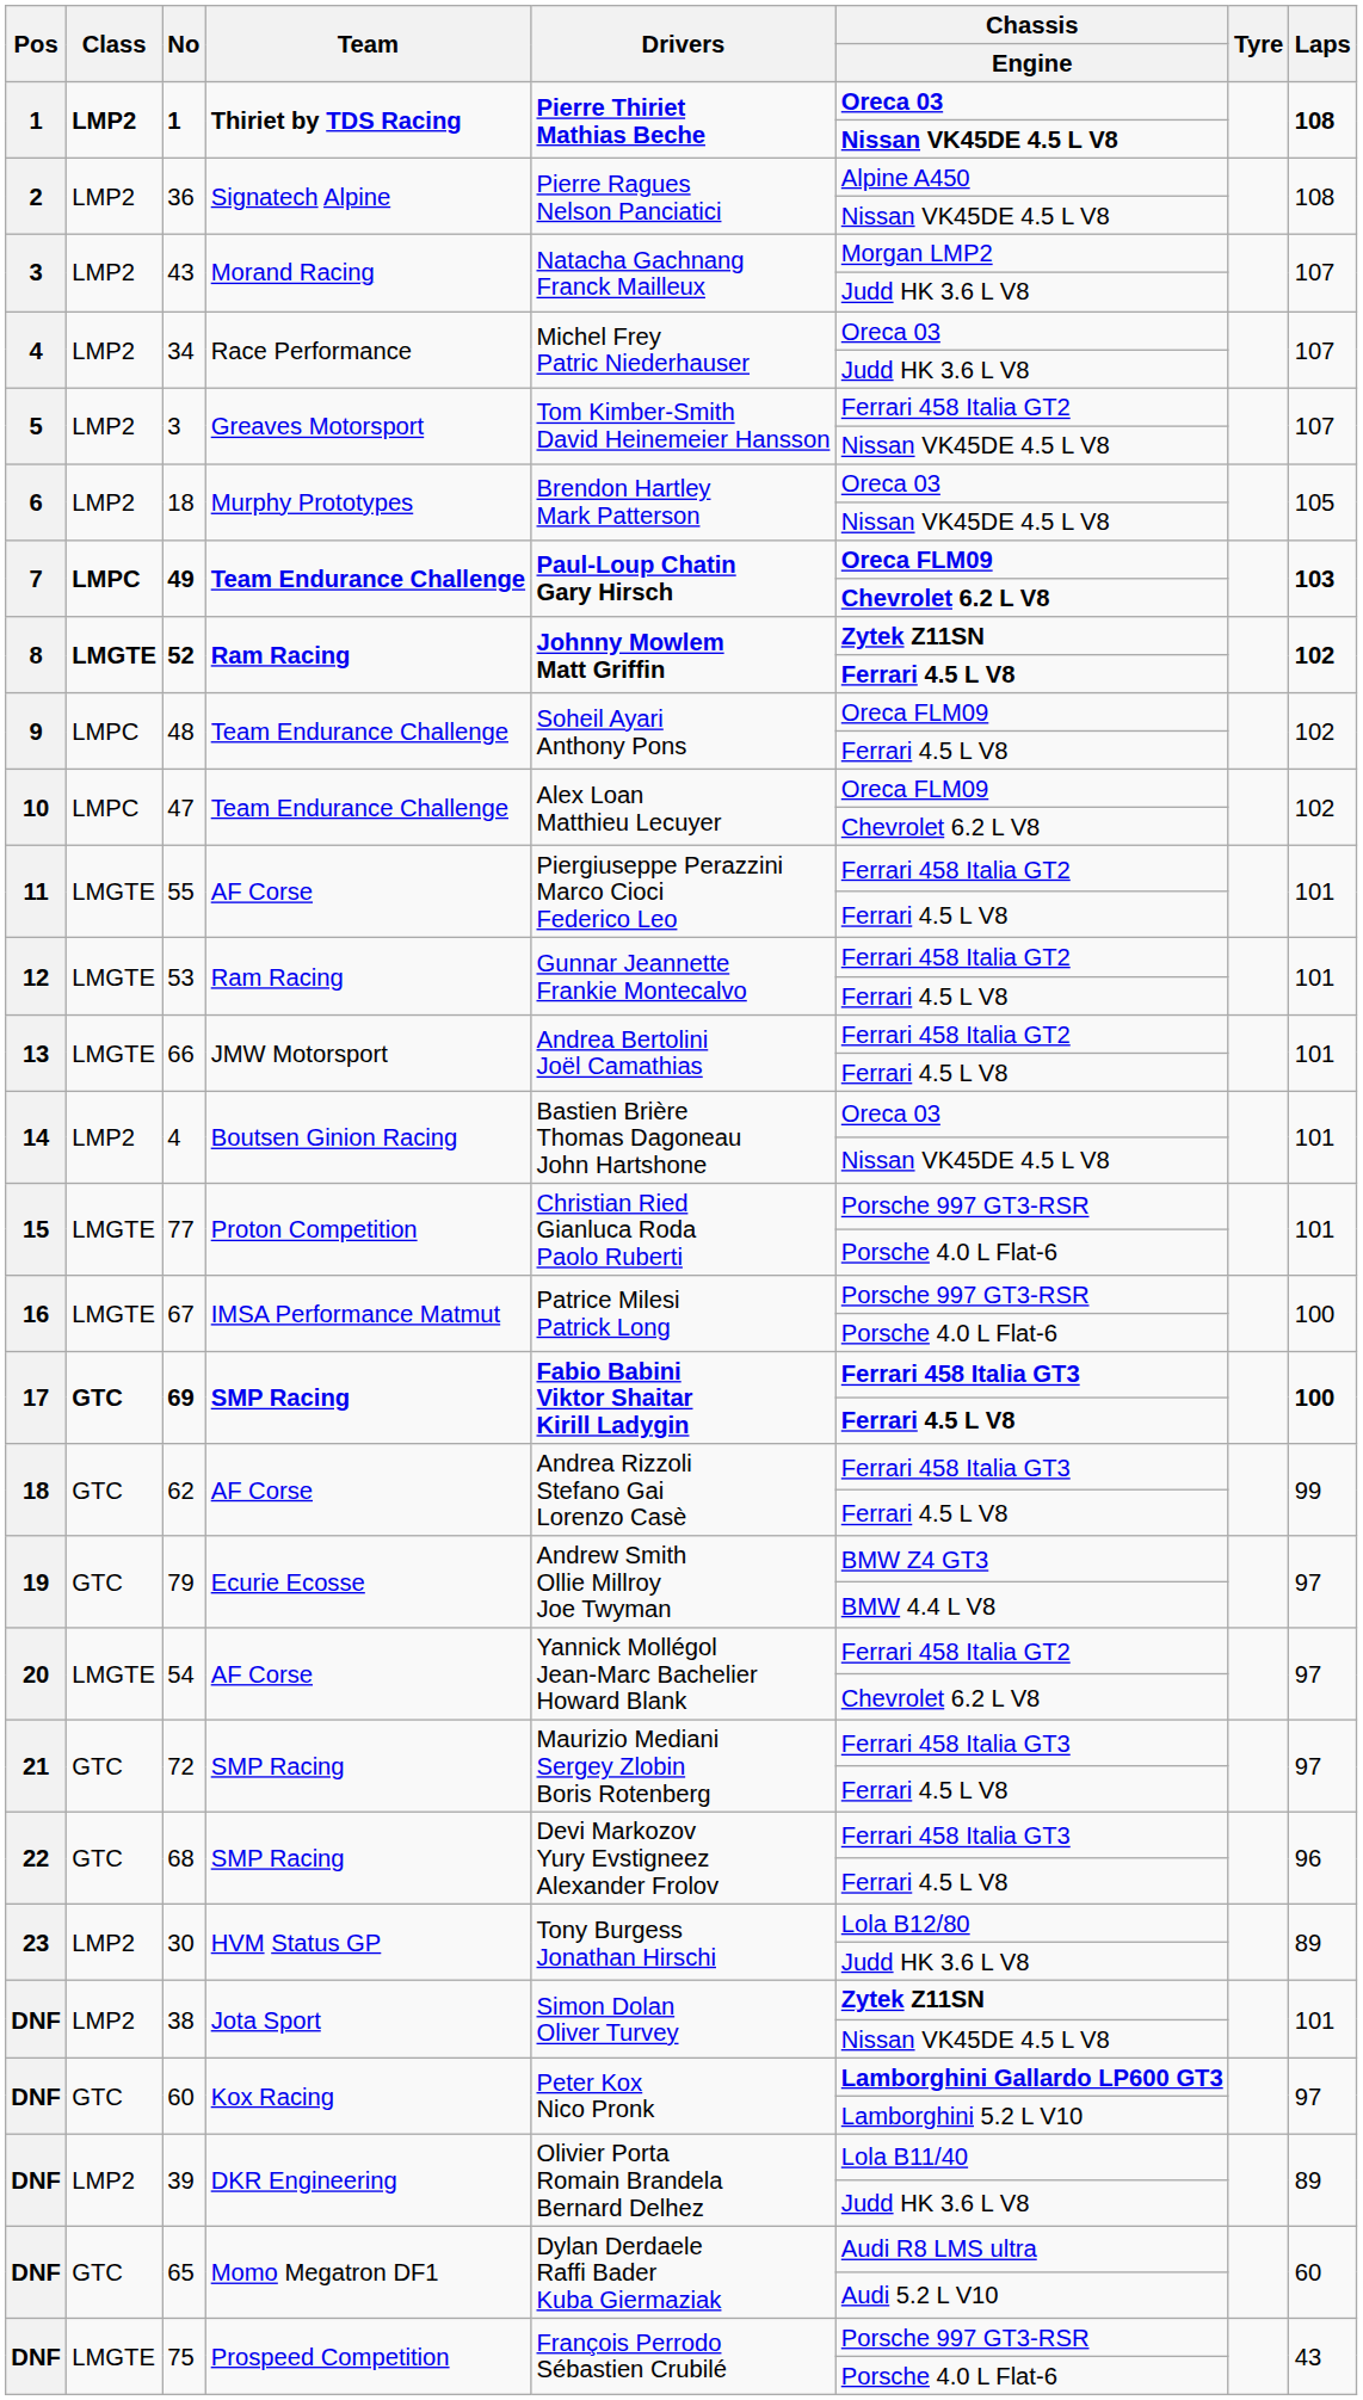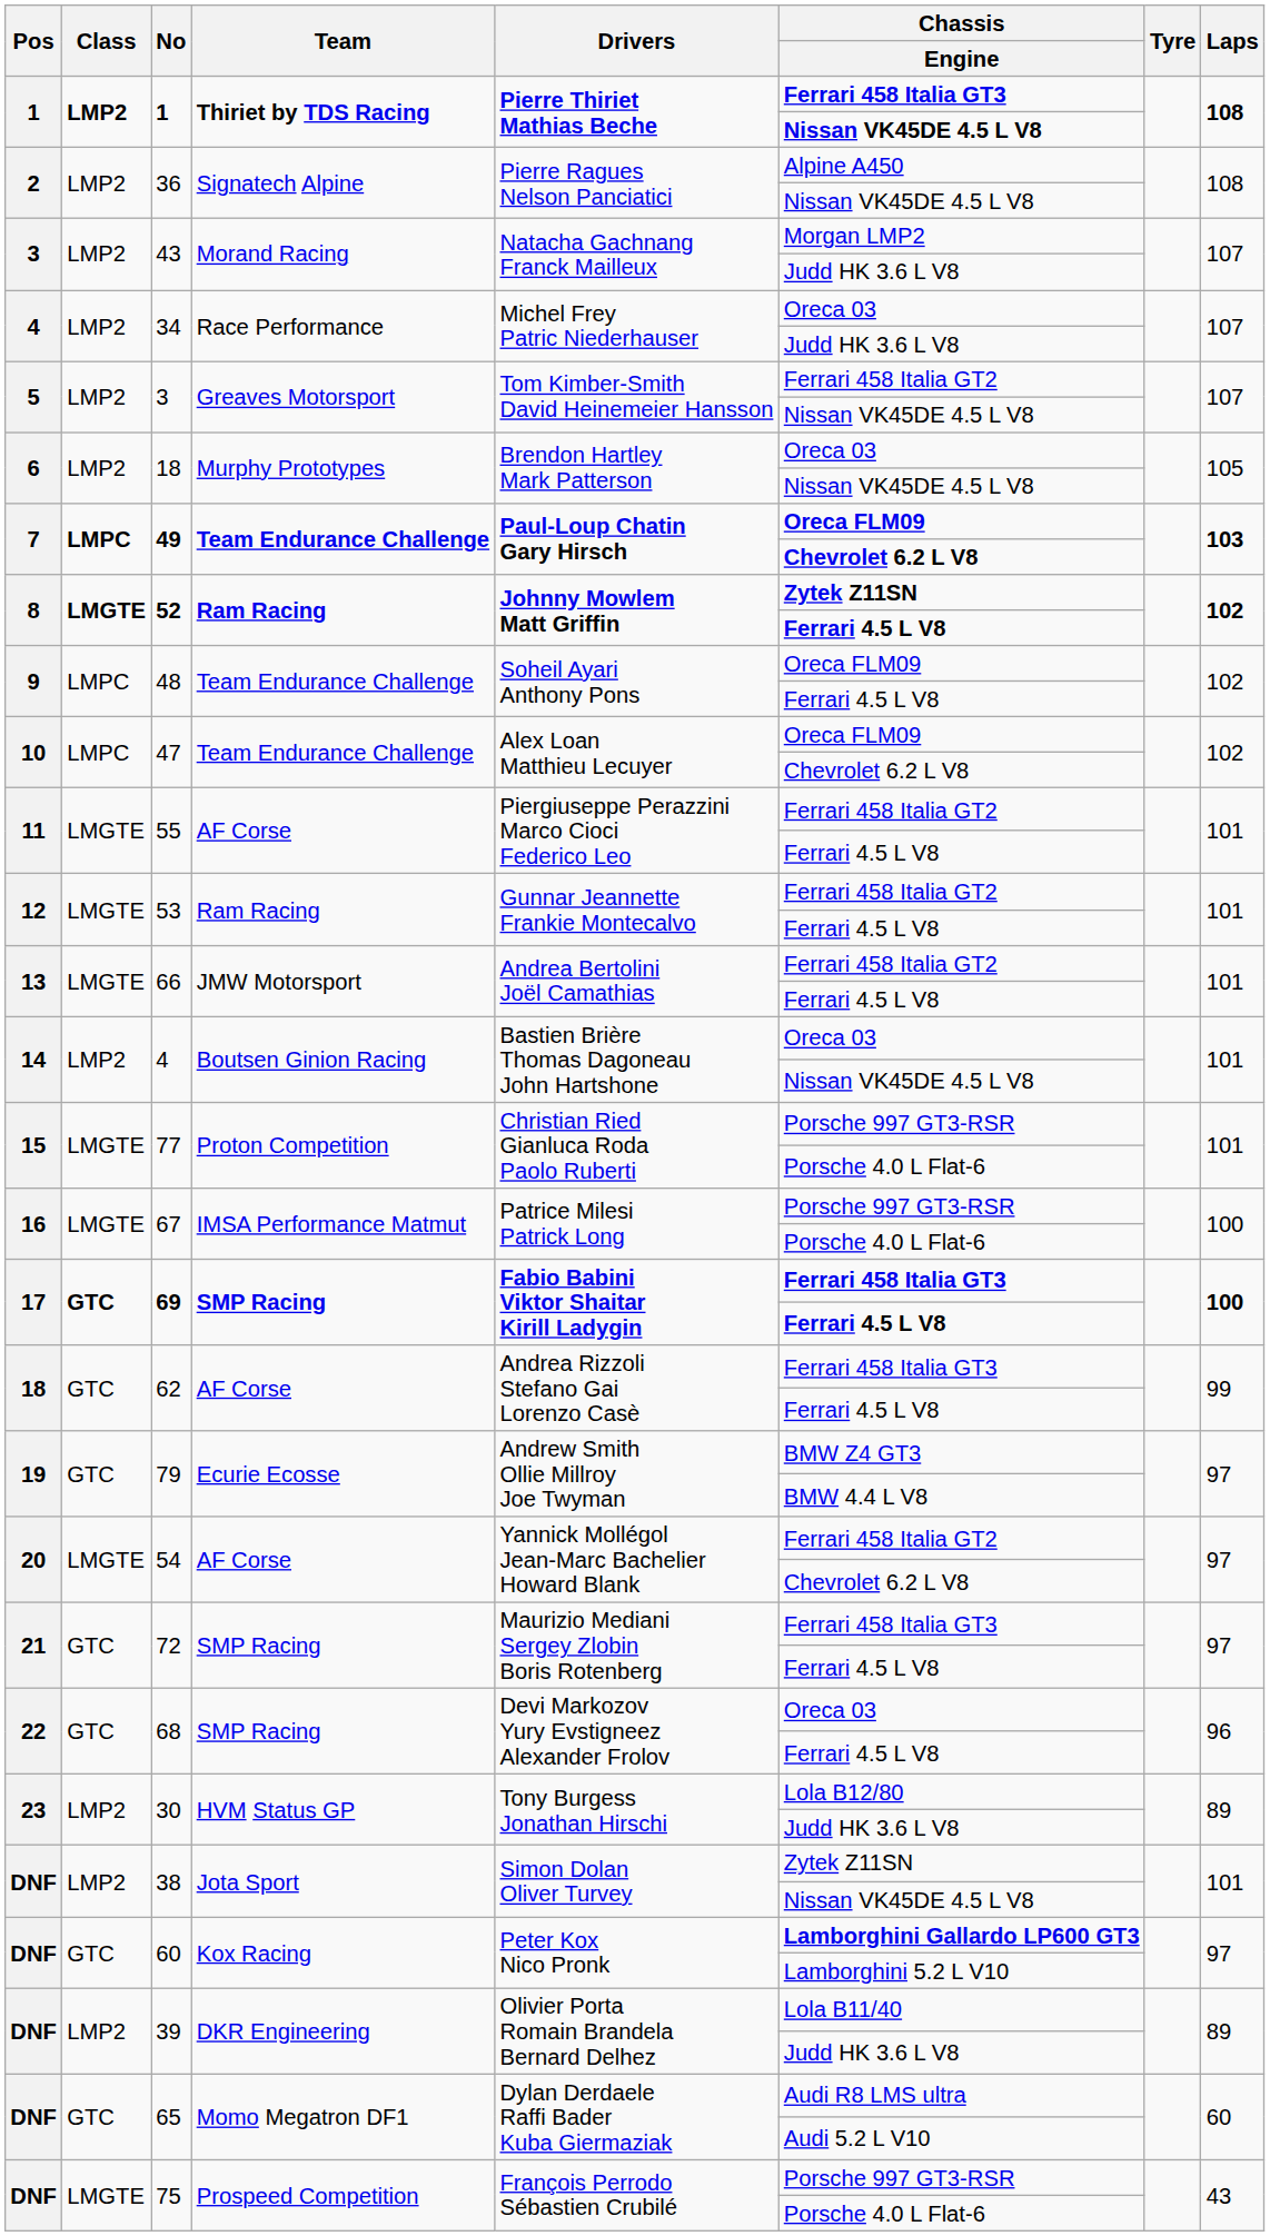 <table class="wikitable" style="font-size: 95%;">
 <tr>
 <th rowspan=2>Pos</th>
 <th rowspan=2>Class</th>
 <th rowspan=2>No</th>
 <th rowspan=2>Team</th>
 <th rowspan=2>Drivers</th>
 <th>Chassis</th>
 <th rowspan=2>Tyre</th>
 <th rowspan=2>Laps</th>
 </tr>
 <tr>
 <th>Engine</th>
 </tr>
 <tr style="font-weight:bold">
 <th rowspan=2>1</th>
 <td rowspan=2>LMP2</td>
 <td rowspan=2>1</td>
 <td rowspan=2> Thiriet by <a href='#'>TDS Racing</a></td>
 <td rowspan=2> <a href='#'>Pierre Thiriet</a><br> <a href='#'>Mathias Beche</a></td>
-<td><a href='#'>Oreca 03</a></td>
+<td><a href='#'>Ferrari 458 Italia GT3</a></td>
 <td rowspan=2></td>
 <td rowspan=2>108</td>
 </tr>
 <tr style="font-weight:bold">
 <td><a href='#'>Nissan</a> VK45DE 4.5 L V8</td>
 </tr>
 <tr>
 <th rowspan=2>2</th>
 <td rowspan=2>LMP2</td>
 <td rowspan=2>36</td>
 <td rowspan=2> <a href='#'>Signatech</a> <a href='#'>Alpine</a></td>
 <td rowspan=2> <a href='#'>Pierre Ragues</a><br> <a href='#'>Nelson Panciatici</a></td>
 <td><a href='#'>Alpine A450</a></td>
 <td rowspan=2></td>
 <td rowspan=2>108</td>
 </tr>
 <tr>
 <td><a href='#'>Nissan</a> VK45DE 4.5 L V8</td>
 </tr>
 <tr>
 <th rowspan=2>3</th>
 <td rowspan=2>LMP2</td>
 <td rowspan=2>43</td>
 <td rowspan=2> <a href='#'>Morand Racing</a></td>
 <td rowspan=2> <a href='#'>Natacha Gachnang</a><br> <a href='#'>Franck Mailleux</a></td>
 <td><a href='#'>Morgan LMP2</a></td>
 <td rowspan=2></td>
 <td rowspan=2>107</td>
 </tr>
 <tr>
 <td><a href='#'>Judd</a> HK 3.6 L V8</td>
 </tr>
 <tr>
 <th rowspan=2>4</th>
 <td rowspan=2>LMP2</td>
 <td rowspan=2>34</td>
 <td rowspan=2> Race Performance</td>
 <td rowspan=2> Michel Frey<br> <a href='#'>Patric Niederhauser</a></td>
 <td><a href='#'>Oreca 03</a></td>
 <td rowspan=2></td>
 <td rowspan=2>107</td>
 </tr>
 <tr>
 <td><a href='#'>Judd</a> HK 3.6 L V8</td>
 </tr>
 <tr>
 <th rowspan=2>5</th>
 <td rowspan=2>LMP2</td>
 <td rowspan=2>3</td>
 <td rowspan=2> <a href='#'>Greaves Motorsport</a></td>
 <td rowspan=2> <a href='#'>Tom Kimber-Smith</a><br> <a href='#'>David Heinemeier Hansson</a></td>
 <td><a href='#'>Ferrari 458 Italia GT2</a></td>
 <td rowspan=2></td>
 <td rowspan=2>107</td>
 </tr>
 <tr>
 <td><a href='#'>Nissan</a> VK45DE 4.5 L V8</td>
 </tr>
 <tr>
 <th rowspan=2>6</th>
 <td rowspan=2>LMP2</td>
 <td rowspan=2>18</td>
 <td rowspan=2> <a href='#'>Murphy Prototypes</a></td>
 <td rowspan=2> <a href='#'>Brendon Hartley</a><br> <a href='#'>Mark Patterson</a></td>
 <td><a href='#'>Oreca 03</a></td>
 <td rowspan=2></td>
 <td rowspan=2>105</td>
 </tr>
 <tr>
 <td><a href='#'>Nissan</a> VK45DE 4.5 L V8</td>
 </tr>
 <tr style="font-weight:bold">
 <th rowspan=2>7</th>
 <td rowspan=2>LMPC</td>
 <td rowspan=2>49</td>
 <td rowspan=2> <a href='#'>Team Endurance Challenge</a></td>
 <td rowspan=2> <a href='#'>Paul-Loup Chatin</a><br> Gary Hirsch</td>
 <td><a href='#'>Oreca FLM09</a></td>
 <td rowspan=2></td>
 <td rowspan=2>103</td>
 </tr>
 <tr style="font-weight:bold">
 <td><a href='#'>Chevrolet</a> 6.2 L V8</td>
 </tr>
 <tr style="font-weight:bold">
 <th rowspan=2>8</th>
 <td rowspan=2>LMGTE</td>
 <td rowspan=2>52</td>
 <td rowspan=2> <a href='#'>Ram Racing</a></td>
 <td rowspan=2> <a href='#'>Johnny Mowlem</a><br> Matt Griffin</td>
 <td><a href='#'>Zytek</a> Z11SN</td>
 <td rowspan=2></td>
 <td rowspan=2>102</td>
 </tr>
 <tr style="font-weight:bold">
 <td><a href='#'>Ferrari</a> 4.5 L V8</td>
 </tr>
 <tr>
 <th rowspan=2>9</th>
 <td rowspan=2>LMPC</td>
 <td rowspan=2>48</td>
 <td rowspan=2> <a href='#'>Team Endurance Challenge</a></td>
 <td rowspan=2> <a href='#'>Soheil Ayari</a><br> Anthony Pons</td>
 <td><a href='#'>Oreca FLM09</a></td>
 <td rowspan=2></td>
 <td rowspan=2>102</td>
 </tr>
 <tr>
 <td><a href='#'>Ferrari</a> 4.5 L V8</td>
 </tr>
 <tr>
 <th rowspan=2>10</th>
 <td rowspan=2>LMPC</td>
 <td rowspan=2>47</td>
 <td rowspan=2> <a href='#'>Team Endurance Challenge</a></td>
 <td rowspan=2> Alex Loan<br> Matthieu Lecuyer</td>
 <td><a href='#'>Oreca FLM09</a></td>
 <td rowspan=2></td>
 <td rowspan=2>102</td>
 </tr>
 <tr>
 <td><a href='#'>Chevrolet</a> 6.2 L V8</td>
 </tr>
 <tr>
 <th rowspan=2>11</th>
 <td rowspan=2>LMGTE</td>
 <td rowspan=2>55</td>
 <td rowspan=2> <a href='#'>AF Corse</a></td>
 <td rowspan=2> Piergiuseppe Perazzini<br> Marco Cioci<br> <a href='#'>Federico Leo</a></td>
 <td><a href='#'>Ferrari 458 Italia GT2</a></td>
 <td rowspan=2></td>
 <td rowspan=2>101</td>
 </tr>
 <tr>
 <td><a href='#'>Ferrari</a> 4.5 L V8</td>
 </tr>
 <tr>
 <th rowspan=2>12</th>
 <td rowspan=2>LMGTE</td>
 <td rowspan=2>53</td>
 <td rowspan=2> <a href='#'>Ram Racing</a></td>
 <td rowspan=2> <a href='#'>Gunnar Jeannette</a><br> <a href='#'>Frankie Montecalvo</a></td>
 <td><a href='#'>Ferrari 458 Italia GT2</a></td>
 <td rowspan=2></td>
 <td rowspan=2>101</td>
 </tr>
 <tr>
 <td><a href='#'>Ferrari</a> 4.5 L V8</td>
 </tr>
 <tr>
 <th rowspan=2>13</th>
 <td rowspan=2>LMGTE</td>
 <td rowspan=2>66</td>
 <td rowspan=2> JMW Motorsport</td>
 <td rowspan=2> <a href='#'>Andrea Bertolini</a><br> <a href='#'>Joël Camathias</a></td>
 <td><a href='#'>Ferrari 458 Italia GT2</a></td>
 <td rowspan=2></td>
 <td rowspan=2>101</td>
 </tr>
 <tr>
 <td><a href='#'>Ferrari</a> 4.5 L V8</td>
 </tr>
 <tr>
 <th rowspan=2>14</th>
 <td rowspan=2>LMP2</td>
 <td rowspan=2>4</td>
 <td rowspan=2> <a href='#'>Boutsen Ginion Racing</a></td>
 <td rowspan=2> Bastien Brière<br> Thomas Dagoneau<br> John Hartshone</td>
 <td><a href='#'>Oreca 03</a></td>
 <td rowspan=2></td>
 <td rowspan=2>101</td>
 </tr>
 <tr>
 <td><a href='#'>Nissan</a> VK45DE 4.5 L V8</td>
 </tr>
 <tr>
 <th rowspan=2>15</th>
 <td rowspan=2>LMGTE</td>
 <td rowspan=2>77</td>
 <td rowspan=2> <a href='#'>Proton Competition</a></td>
 <td rowspan=2> <a href='#'>Christian Ried</a><br> Gianluca Roda<br> <a href='#'>Paolo Ruberti</a></td>
 <td><a href='#'>Porsche 997 GT3-RSR</a></td>
 <td rowspan=2></td>
 <td rowspan=2>101</td>
 </tr>
 <tr>
 <td><a href='#'>Porsche</a> 4.0 L Flat-6</td>
 </tr>
 <tr>
 <th rowspan=2>16</th>
 <td rowspan=2>LMGTE</td>
 <td rowspan=2>67</td>
 <td rowspan=2> <a href='#'>IMSA Performance Matmut</a></td>
 <td rowspan=2> Patrice Milesi<br> <a href='#'>Patrick Long</a></td>
 <td><a href='#'>Porsche 997 GT3-RSR</a></td>
 <td rowspan=2></td>
 <td rowspan=2>100</td>
 </tr>
 <tr>
 <td><a href='#'>Porsche</a> 4.0 L Flat-6</td>
 </tr>
 <tr style="font-weight:bold">
 <th rowspan=2>17</th>
 <td rowspan=2>GTC</td>
 <td rowspan=2>69</td>
 <td rowspan=2> <a href='#'>SMP Racing</a></td>
 <td rowspan=2> <a href='#'>Fabio Babini</a><br> <a href='#'>Viktor Shaitar</a><br> <a href='#'>Kirill Ladygin</a></td>
 <td><a href='#'>Ferrari 458 Italia GT3</a></td>
 <td rowspan=2></td>
 <td rowspan=2>100</td>
 </tr>
 <tr style="font-weight:bold">
 <td><a href='#'>Ferrari</a> 4.5 L V8</td>
 </tr>
 <tr>
 <th rowspan=2>18</th>
 <td rowspan=2>GTC</td>
 <td rowspan=2>62</td>
 <td rowspan=2> <a href='#'>AF Corse</a></td>
 <td rowspan=2> Andrea Rizzoli<br> Stefano Gai<br> Lorenzo Casè</td>
 <td><a href='#'>Ferrari 458 Italia GT3</a></td>
 <td rowspan=2></td>
 <td rowspan=2>99</td>
 </tr>
 <tr>
 <td><a href='#'>Ferrari</a> 4.5 L V8</td>
 </tr>
 <tr>
 <th rowspan=2>19</th>
 <td rowspan=2>GTC</td>
 <td rowspan=2>79</td>
 <td rowspan=2> <a href='#'>Ecurie Ecosse</a></td>
 <td rowspan=2> Andrew Smith<br> Ollie Millroy<br> Joe Twyman</td>
 <td><a href='#'>BMW Z4 GT3</a></td>
 <td rowspan=2></td>
 <td rowspan=2>97</td>
 </tr>
 <tr>
 <td><a href='#'>BMW</a> 4.4 L V8</td>
 </tr>
 <tr>
 <th rowspan=2>20</th>
 <td rowspan=2>LMGTE</td>
 <td rowspan=2>54</td>
 <td rowspan=2> <a href='#'>AF Corse</a></td>
 <td rowspan=2> Yannick Mollégol<br> Jean-Marc Bachelier<br> Howard Blank</td>
 <td><a href='#'>Ferrari 458 Italia GT2</a></td>
 <td rowspan=2></td>
 <td rowspan=2>97</td>
 </tr>
 <tr>
 <td><a href='#'>Chevrolet</a> 6.2 L V8</td>
 </tr>
 <tr>
 <th rowspan=2>21</th>
 <td rowspan=2>GTC</td>
 <td rowspan=2>72</td>
 <td rowspan=2> <a href='#'>SMP Racing</a></td>
 <td rowspan=2> Maurizio Mediani<br> <a href='#'>Sergey Zlobin</a><br> Boris Rotenberg</td>
 <td><a href='#'>Ferrari 458 Italia GT3</a></td>
 <td rowspan=2></td>
 <td rowspan=2>97</td>
 </tr>
 <tr>
 <td><a href='#'>Ferrari</a> 4.5 L V8</td>
 </tr>
 <tr>
 <th rowspan=2>22</th>
 <td rowspan=2>GTC</td>
 <td rowspan=2>68</td>
 <td rowspan=2> <a href='#'>SMP Racing</a></td>
 <td rowspan=2> Devi Markozov<br> Yury Evstigneez<br> Alexander Frolov</td>
-<td><a href='#'>Ferrari 458 Italia GT3</a></td>
+<td><a href='#'>Oreca 03</a></td>
 <td rowspan=2></td>
 <td rowspan=2>96</td>
 </tr>
 <tr>
 <td><a href='#'>Ferrari</a> 4.5 L V8</td>
 </tr>
 <tr>
 <th rowspan=2>23</th>
 <td rowspan=2>LMP2</td>
 <td rowspan=2>30</td>
 <td rowspan=2> <a href='#'>HVM</a> <a href='#'>Status GP</a></td>
 <td rowspan=2> Tony Burgess<br> <a href='#'>Jonathan Hirschi</a></td>
 <td><a href='#'>Lola B12/80</a></td>
 <td rowspan=2></td>
 <td rowspan=2>89</td>
 </tr>
 <tr>
 <td><a href='#'>Judd</a> HK 3.6 L V8</td>
 </tr>
 <tr>
 <th rowspan=2>DNF</th>
 <td rowspan=2>LMP2</td>
 <td rowspan=2>38</td>
 <td rowspan=2> <a href='#'>Jota Sport</a></td>
 <td rowspan=2> <a href='#'>Simon Dolan</a><br> <a href='#'>Oliver Turvey</a></td>
-<td><strong><a href='#'>Zytek</a> Z11SN</strong></td>
+<td><a href='#'>Zytek</a> Z11SN</td>
 <td rowspan=2></td>
 <td rowspan=2>101</td>
 </tr>
 <tr>
 <td><a href='#'>Nissan</a> VK45DE 4.5 L V8</td>
 </tr>
 <tr>
 <th rowspan=2>DNF</th>
 <td rowspan=2>GTC</td>
 <td rowspan=2>60</td>
 <td rowspan=2> <a href='#'>Kox Racing</a></td>
 <td rowspan=2> <a href='#'>Peter Kox</a><br> Nico Pronk</td>
 <td><strong><a href='#'>Lamborghini Gallardo LP600 GT3</a></strong></td>
 <td rowspan=2></td>
 <td rowspan=2>97</td>
 </tr>
 <tr>
 <td><a href='#'>Lamborghini</a> 5.2 L V10</td>
 </tr>
 <tr>
 <th rowspan=2>DNF</th>
 <td rowspan=2>LMP2</td>
 <td rowspan=2>39</td>
 <td rowspan=2> <a href='#'>DKR Engineering</a></td>
 <td rowspan=2> Olivier Porta<br> Romain Brandela<br> Bernard Delhez</td>
 <td><a href='#'>Lola B11/40</a></td>
 <td rowspan=2></td>
 <td rowspan=2>89</td>
 </tr>
 <tr>
 <td><a href='#'>Judd</a> HK 3.6 L V8</td>
 </tr>
 <tr>
 <th rowspan=2>DNF</th>
 <td rowspan=2>GTC</td>
 <td rowspan=2>65</td>
 <td rowspan=2> <a href='#'>Momo</a> Megatron DF1</td>
 <td rowspan=2> Dylan Derdaele<br> Raffi Bader<br> <a href='#'>Kuba Giermaziak</a></td>
 <td><a href='#'>Audi R8 LMS ultra</a></td>
 <td rowspan=2></td>
 <td rowspan=2>60</td>
 </tr>
 <tr>
 <td><a href='#'>Audi</a> 5.2 L V10</td>
 </tr>
 <tr>
 <th rowspan=2>DNF</th>
 <td rowspan=2>LMGTE</td>
 <td rowspan=2>75</td>
 <td rowspan=2> <a href='#'>Prospeed Competition</a></td>
 <td rowspan=2> <a href='#'>François Perrodo</a><br> Sébastien Crubilé</td>
 <td><a href='#'>Porsche 997 GT3-RSR</a></td>
 <td rowspan=2></td>
 <td rowspan=2>43</td>
 </tr>
 <tr>
 <td><a href='#'>Porsche</a> 4.0 L Flat-6</td>
 </tr>
 </table>
